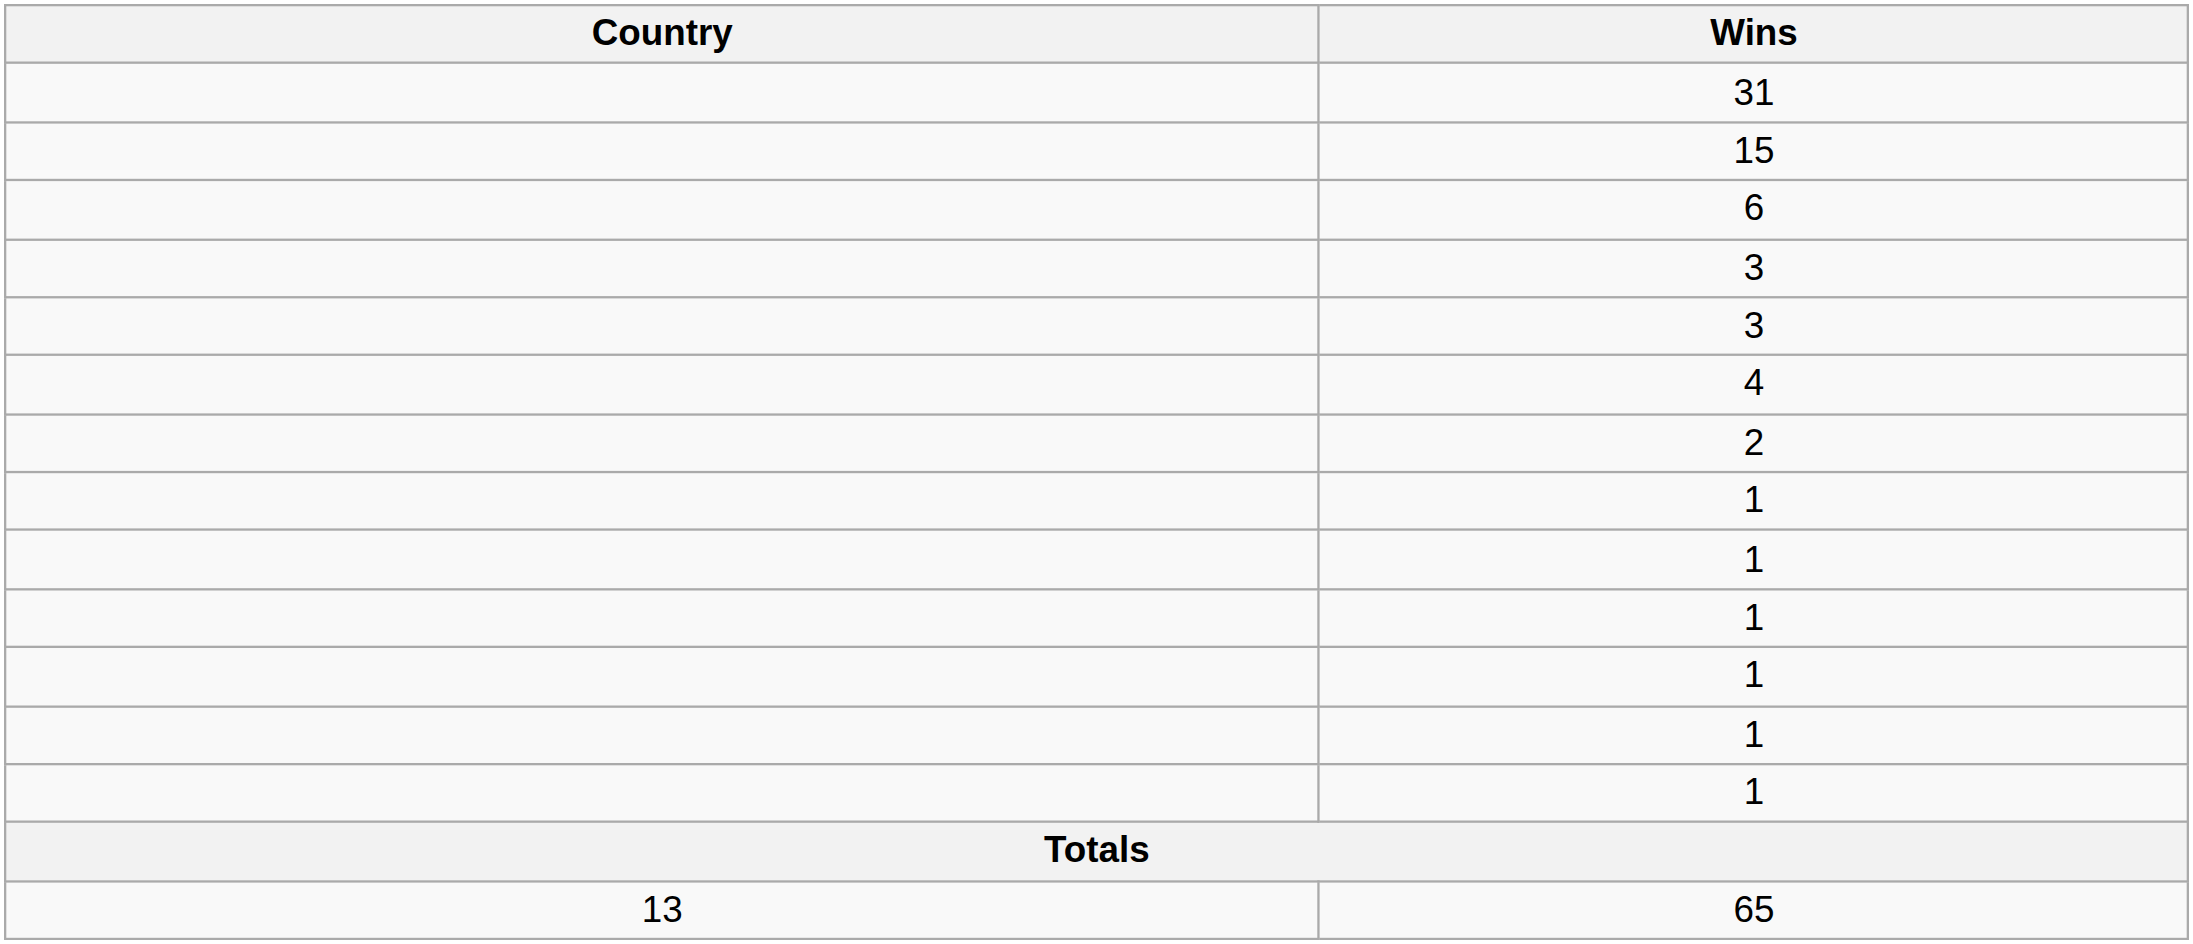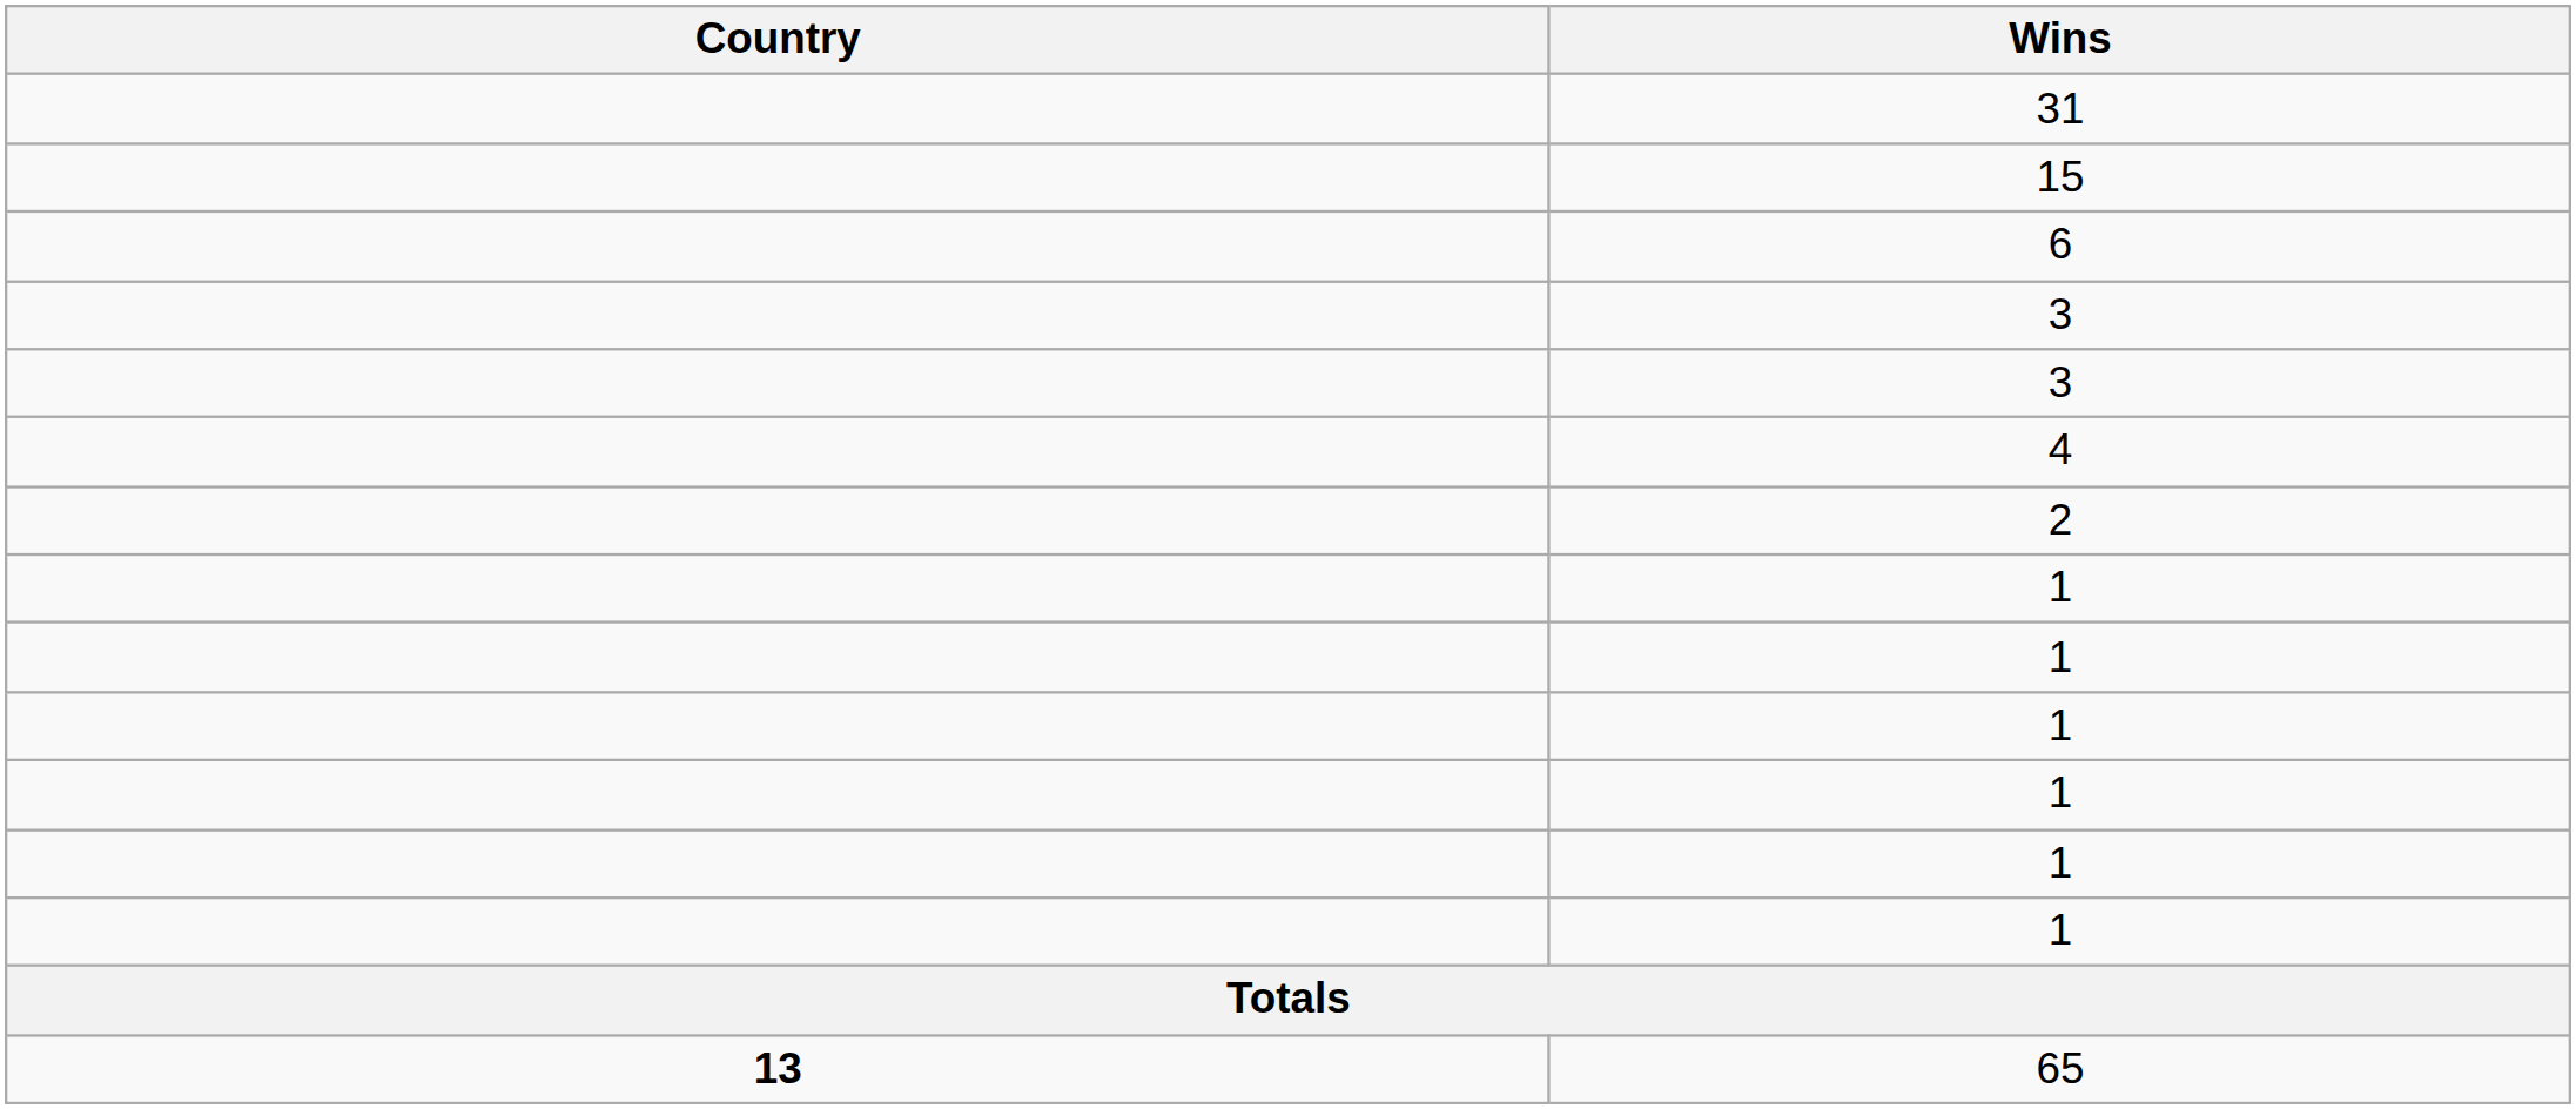 <table class="wikitable sortable" style="text-align:center" width="60%">
 <tr>
 <th>Country</th>
 <th>Wins</th>
 </tr>
 <tr>
 <td align=left></td>
 <td>31</td>
 </tr>
 <tr>
 <td align=left></td>
 <td>15</td>
 </tr>
 <tr>
 <td align=left></td>
 <td>6</td>
 </tr>
 <tr>
 <td align=left></td>
 <td>3</td>
 </tr>
 <tr>
 <td align=left></td>
 <td>3</td>
 </tr>
 <tr>
 <td align=left></td>
 <td>4</td>
 </tr>
 <tr>
 <td align=left></td>
 <td>2</td>
 </tr>
 <tr>
 <td align=left></td>
 <td>1</td>
 </tr>
 <tr>
 <td align=left></td>
 <td>1</td>
 </tr>
 <tr>
 <td align=left></td>
 <td>1</td>
 </tr>
 <tr>
 <td align=left></td>
 <td>1</td>
 </tr>
 <tr>
 <td align=left></td>
 <td>1</td>
 </tr>
 <tr>
 <td align=left></td>
 <td>1</td>
 </tr>
 <tr class="sortbottom">
 <th colspan=2>Totals</th>
 </tr>
 <tr class="sortbottom">
-<td>13</td>
+<td><strong>13</strong></td>
 <td>65</td>
 </tr>
 </table>
